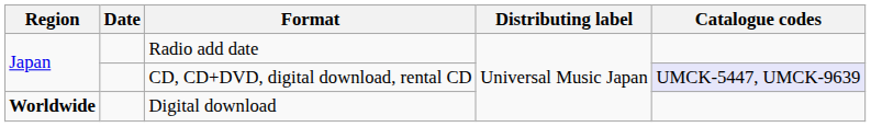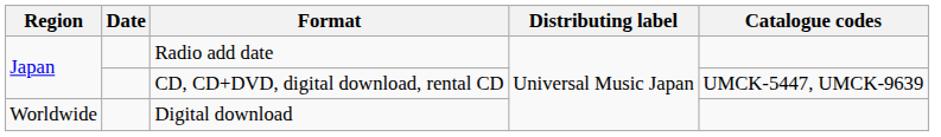 <table class="wikitable">
 <tr>
 <th>Region</th>
 <th>Date</th>
 <th>Format</th>
 <th>Distributing label</th>
 <th>Catalogue codes</th>
 </tr>
 <tr>
 <td rowspan="2"><a href='#'>Japan</a></td>
 <td></td>
 <td>Radio add date</td>
 <td rowspan="3">Universal Music Japan</td>
 <td></td>
 </tr>
 <tr>
 <td></td>
 <td>CD, CD+DVD, digital download, rental CD</td>
-<td style="background: lavender;">UMCK-5447, UMCK-9639</td>
+<td>UMCK-5447, UMCK-9639</td>
 </tr>
 <tr>
-<td><strong>Worldwide</strong></td>
+<td>Worldwide</td>
 <td></td>
 <td>Digital download</td>
 <td></td>
 </tr>
 </table>
